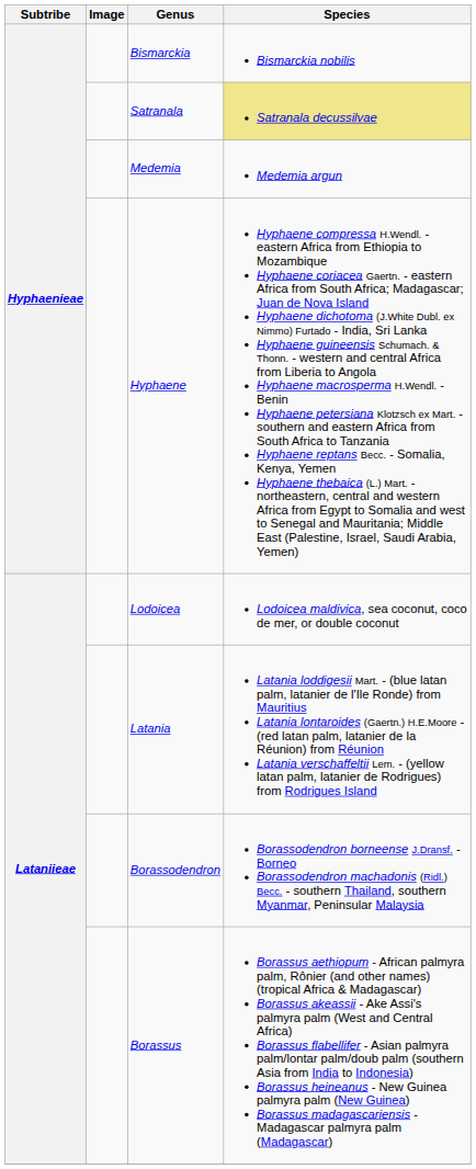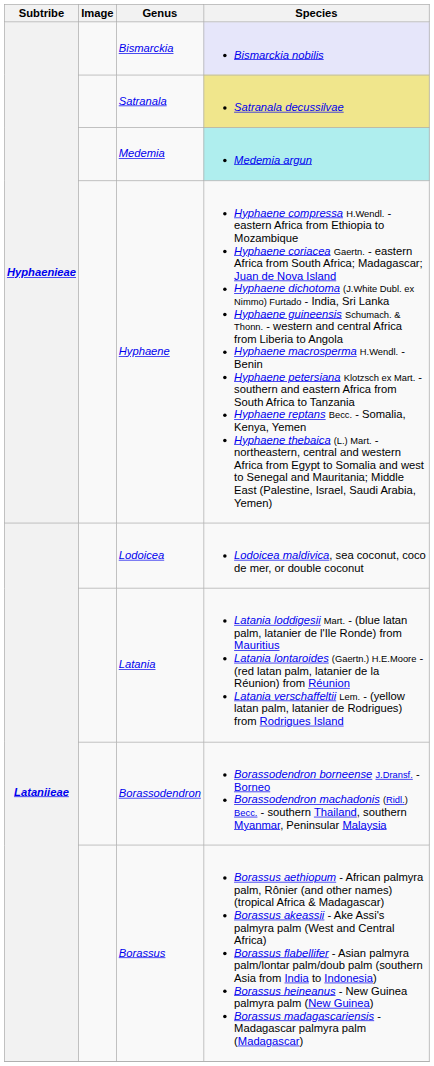 <table class="wikitable collapsible">
 <tr>
 <th>Subtribe</th>
 <th>Image</th>
 <th>Genus</th>
 <th>Species</th>
 </tr>
 <tr>
 <th rowspan="4" style="text-align:center;"><em><a href='#'>Hyphaenieae</a></em></th>
 <td></td>
 <td><em><a href='#'>Bismarckia</a></em> </td>
-<td><br><ul><li><em><a href='#'>Bismarckia nobilis</a></em></li></ul></td>
+<td style="background: lavender;"><br><ul><li><em><a href='#'>Bismarckia nobilis</a></em></li></ul></td>
 </tr>
 <tr>
 <td></td>
 <td><em><a href='#'>Satranala</a></em> </td>
 <td style="background: khaki;"><br><ul><li><em><a href='#'>Satranala decussilvae</a></em></li></ul></td>
 </tr>
 <tr>
 <td></td>
 <td><em><a href='#'>Medemia</a></em> </td>
-<td><br><ul><li><em><a href='#'>Medemia argun</a></em></li></ul></td>
+<td style="background: paleturquoise;"><br><ul><li><em><a href='#'>Medemia argun</a></em></li></ul></td>
 </tr>
 <tr>
 <td></td>
 <td><em><a href='#'>Hyphaene</a></em> </td>
 <td><br><ul><li><em><a href='#'>Hyphaene compressa</a></em> <small>H.Wendl.</small> - eastern Africa from Ethiopia to Mozambique</li><li><em><a href='#'>Hyphaene coriacea</a></em> <small>Gaertn.</small> - eastern Africa from South Africa; Madagascar; <a href='#'>Juan de Nova Island</a></li><li><em><a href='#'>Hyphaene dichotoma</a></em> <small>(J.White Dubl. ex Nimmo) Furtado</small> - India, Sri Lanka</li><li><em><a href='#'>Hyphaene guineensis</a></em> <small>Schumach. & Thonn.</small> - western and central Africa from Liberia to Angola</li><li><em><a href='#'>Hyphaene macrosperma</a></em> <small>H.Wendl.</small> - Benin</li><li><em><a href='#'>Hyphaene petersiana</a></em> <small>Klotzsch ex Mart.</small> - southern and eastern Africa from South Africa to Tanzania</li><li><em><a href='#'>Hyphaene reptans</a></em> <small>Becc.</small> - Somalia, Kenya, Yemen</li><li><em><a href='#'>Hyphaene thebaica</a></em> <small>(L.) Mart.</small> - northeastern, central and western Africa from Egypt to Somalia and west to Senegal and Mauritania; Middle East (Palestine, Israel, Saudi Arabia, Yemen)</li></ul></td>
 </tr>
 <tr>
 <th rowspan="4" style="text-align:center;"><em><a href='#'>Lataniieae</a></em></th>
 <td></td>
 <td><em><a href='#'>Lodoicea</a></em> </td>
 <td><br><ul><li><em><a href='#'>Lodoicea maldivica</a></em>,  sea coconut, coco de mer, or double coconut</li></ul></td>
 </tr>
 <tr>
 <td></td>
 <td><em><a href='#'>Latania</a></em> </td>
 <td><br><ul><li><em><a href='#'>Latania loddigesii</a></em> <small>Mart.</small> - (blue latan palm, latanier de l'Ile Ronde) from <a href='#'>Mauritius</a></li><li><em><a href='#'>Latania lontaroides</a></em>  <small>(Gaertn.) H.E.Moore</small> - (red latan palm, latanier de la Réunion) from <a href='#'>Réunion</a></li><li><em><a href='#'>Latania verschaffeltii</a></em> <small>Lem.</small> -  (yellow latan palm, latanier de Rodrigues) from <a href='#'>Rodrigues Island</a></li></ul></td>
 </tr>
 <tr>
 <td></td>
 <td><em><a href='#'>Borassodendron</a></em> </td>
 <td><br><ul><li><em><a href='#'>Borassodendron borneense</a></em> <small><a href='#'>J.Dransf.</a></small> - <a href='#'>Borneo</a></li><li><em><a href='#'>Borassodendron machadonis</a></em>  <small>(<a href='#'>Ridl.</a>) <a href='#'>Becc.</a></small> - southern <a href='#'>Thailand</a>, southern <a href='#'>Myanmar</a>, Peninsular <a href='#'>Malaysia</a></li></ul></td>
 </tr>
 <tr>
 <td></td>
 <td><em><a href='#'>Borassus</a></em> </td>
 <td><br><ul><li><em><a href='#'>Borassus aethiopum</a></em> - African palmyra palm, Rônier (and other names) (tropical Africa & Madagascar)</li><li><em><a href='#'>Borassus akeassii</a></em> - Ake Assi's palmyra palm (West and Central Africa)</li><li><em><a href='#'>Borassus flabellifer</a></em> - Asian palmyra palm/lontar palm/doub palm (southern Asia from <a href='#'>India</a> to <a href='#'>Indonesia</a>)</li><li><em><a href='#'>Borassus heineanus</a></em> - New Guinea palmyra palm (<a href='#'>New Guinea</a>)</li><li><em><a href='#'>Borassus madagascariensis</a></em> - Madagascar palmyra palm (<a href='#'>Madagascar</a>)</li></ul></td>
 </tr>
 <tr>
 </tr>
 </table>
